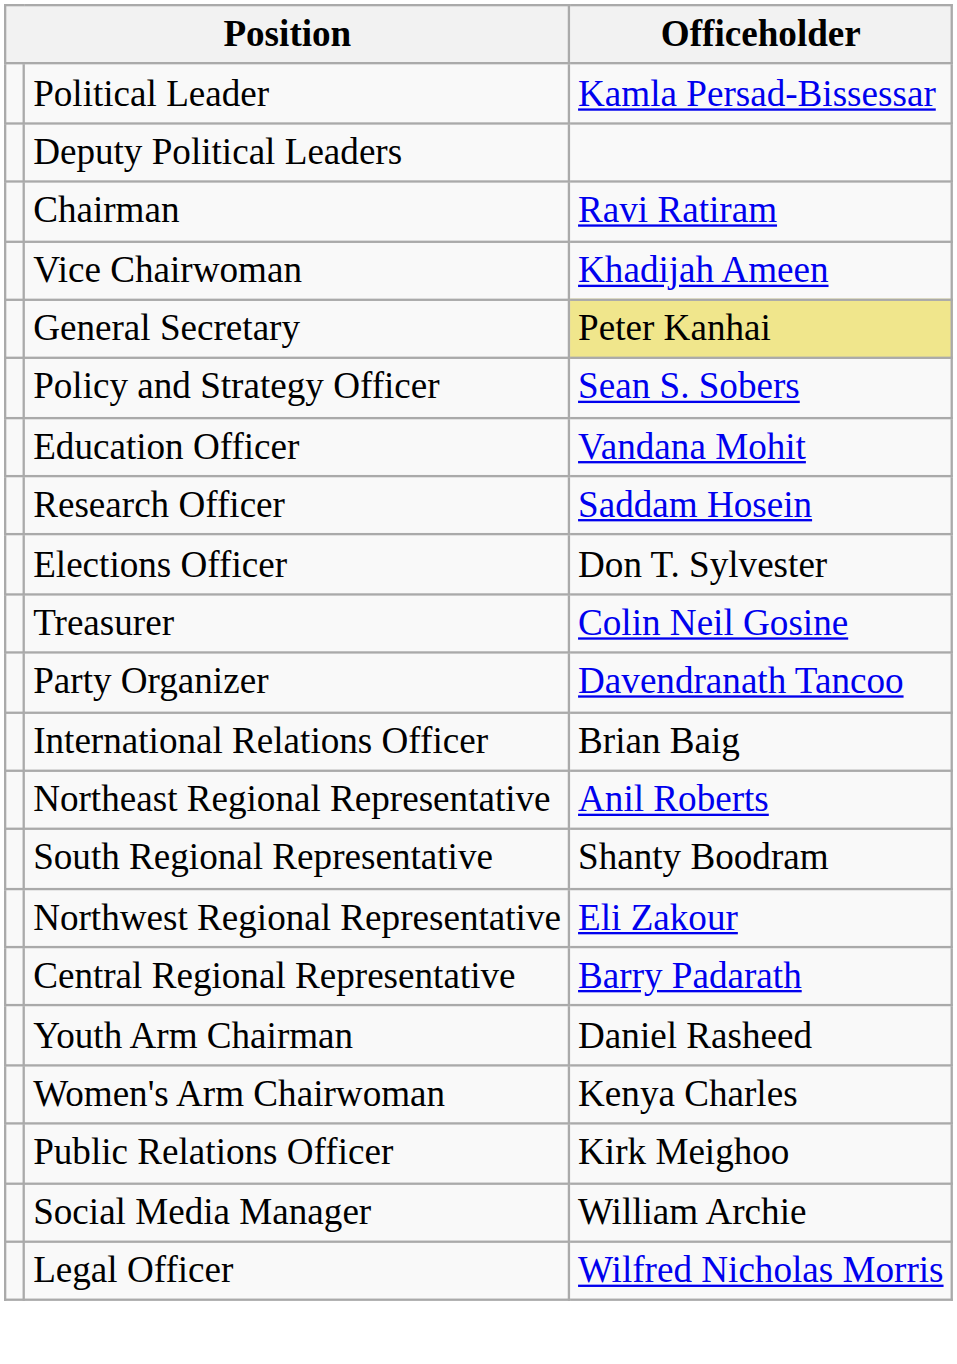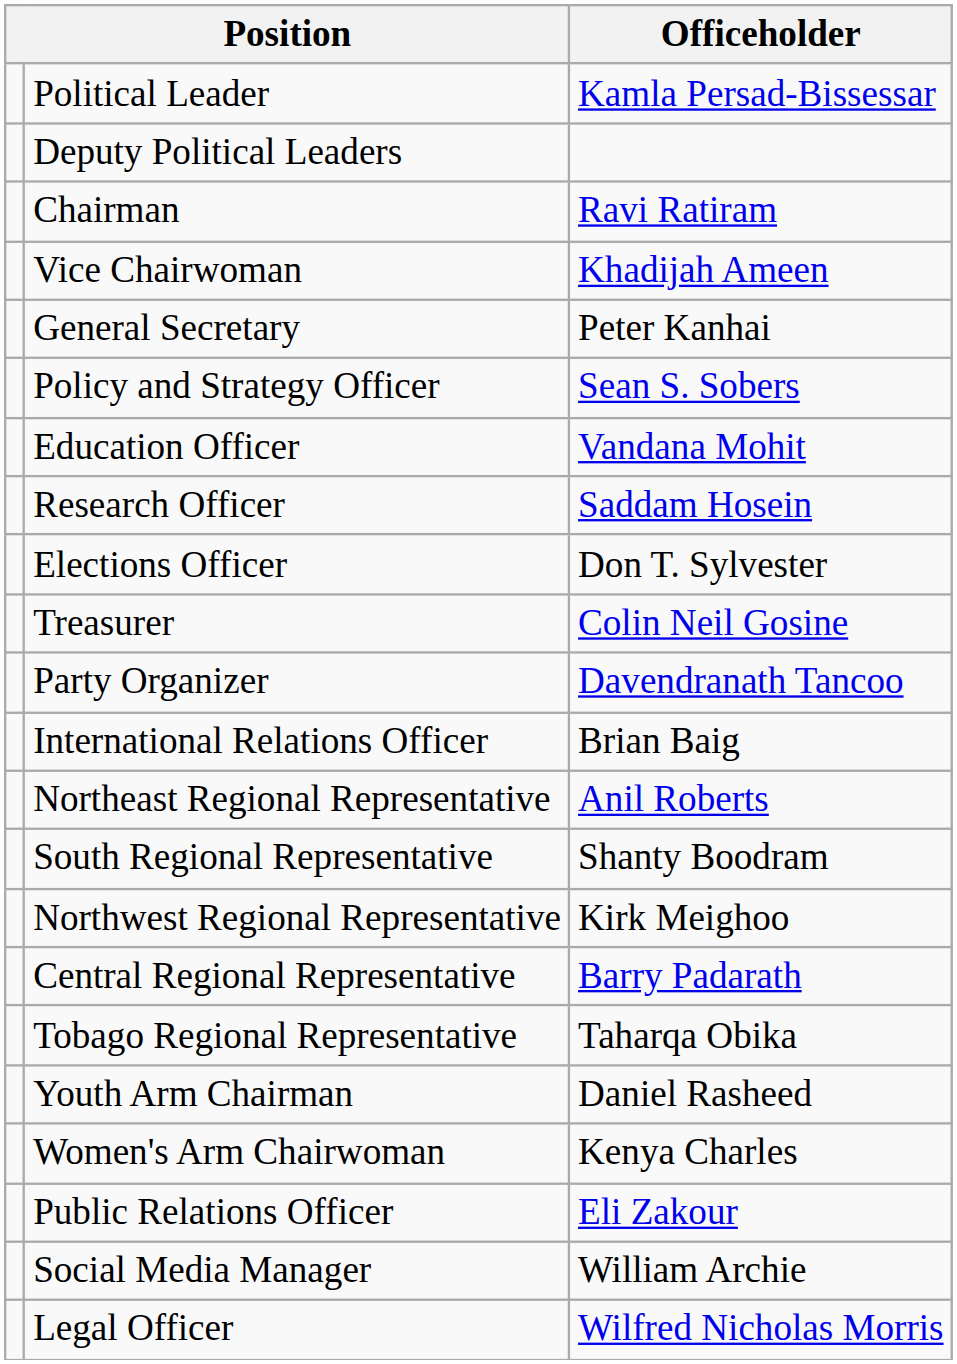 <table class="wikitable sortable" style="text-align: left">
 <tr>
 <th colspan="2">Position</th>
 <th>Officeholder</th>
 </tr>
 <tr>
 <td width="1"></td>
 <td>Political Leader</td>
 <td><a href='#'>Kamla Persad-Bissessar</a></td>
 </tr>
 <tr>
 <td width="1"></td>
 <td>Deputy Political Leaders</td>
 <td></td>
 </tr>
 <tr>
 <td width="1"></td>
 <td>Chairman</td>
 <td><a href='#'>Ravi Ratiram</a></td>
 </tr>
 <tr>
 <td width="1"></td>
 <td>Vice Chairwoman</td>
 <td><a href='#'>Khadijah Ameen</a></td>
 </tr>
 <tr>
 <td width="1"></td>
 <td>General Secretary</td>
-<td style="background: khaki;">Peter Kanhai</td>
+<td>Peter Kanhai</td>
 </tr>
 <tr>
 <td width="1"></td>
 <td>Policy and Strategy Officer</td>
 <td><a href='#'>Sean S. Sobers</a></td>
 </tr>
 <tr>
 <td width="1"></td>
 <td>Education Officer</td>
 <td><a href='#'>Vandana Mohit</a></td>
 </tr>
 <tr>
 <td width="1"></td>
 <td>Research Officer</td>
 <td><a href='#'>Saddam Hosein</a></td>
 </tr>
 <tr>
 <td width="1"></td>
 <td>Elections Officer</td>
 <td>Don T. Sylvester</td>
 </tr>
 <tr>
 <td width="1"></td>
 <td>Treasurer</td>
 <td><a href='#'>Colin Neil Gosine</a></td>
 </tr>
 <tr>
 <td width="1"></td>
 <td>Party Organizer</td>
 <td><a href='#'>Davendranath Tancoo</a></td>
 </tr>
 <tr>
 <td width="1"></td>
 <td>International Relations Officer</td>
 <td>Brian Baig</td>
 </tr>
 <tr>
 <td width="1"></td>
 <td>Northeast Regional Representative</td>
 <td><a href='#'>Anil Roberts</a></td>
 </tr>
 <tr>
 <td width="1"></td>
 <td>South Regional Representative</td>
 <td>Shanty Boodram</td>
 </tr>
 <tr>
 <td width="1"></td>
 <td>Northwest Regional Representative</td>
-<td><a href='#'>Eli Zakour</a></td>
+<td>Kirk Meighoo</td>
 </tr>
 <tr>
 <td width="1"></td>
 <td>Central Regional Representative</td>
 <td><a href='#'>Barry Padarath</a></td>
+</tr>
+<tr>
+<td width="1"></td>
+<td>Tobago Regional Representative</td>
+<td>Taharqa Obika</td>
 </tr>
 <tr>
 <td width="1"></td>
 <td>Youth Arm Chairman</td>
 <td>Daniel Rasheed</td>
 </tr>
 <tr>
 <td width="1"></td>
 <td>Women's Arm Chairwoman</td>
 <td>Kenya Charles</td>
 </tr>
 <tr>
 <td width="1"></td>
 <td>Public Relations Officer</td>
-<td>Kirk Meighoo</td>
+<td><a href='#'>Eli Zakour</a></td>
 </tr>
 <tr>
 <td width="1"></td>
 <td>Social Media Manager</td>
 <td>William Archie</td>
 </tr>
 <tr>
 <td width="1"></td>
 <td>Legal Officer</td>
 <td><a href='#'>Wilfred Nicholas Morris</a></td>
 </tr>
 </table>
